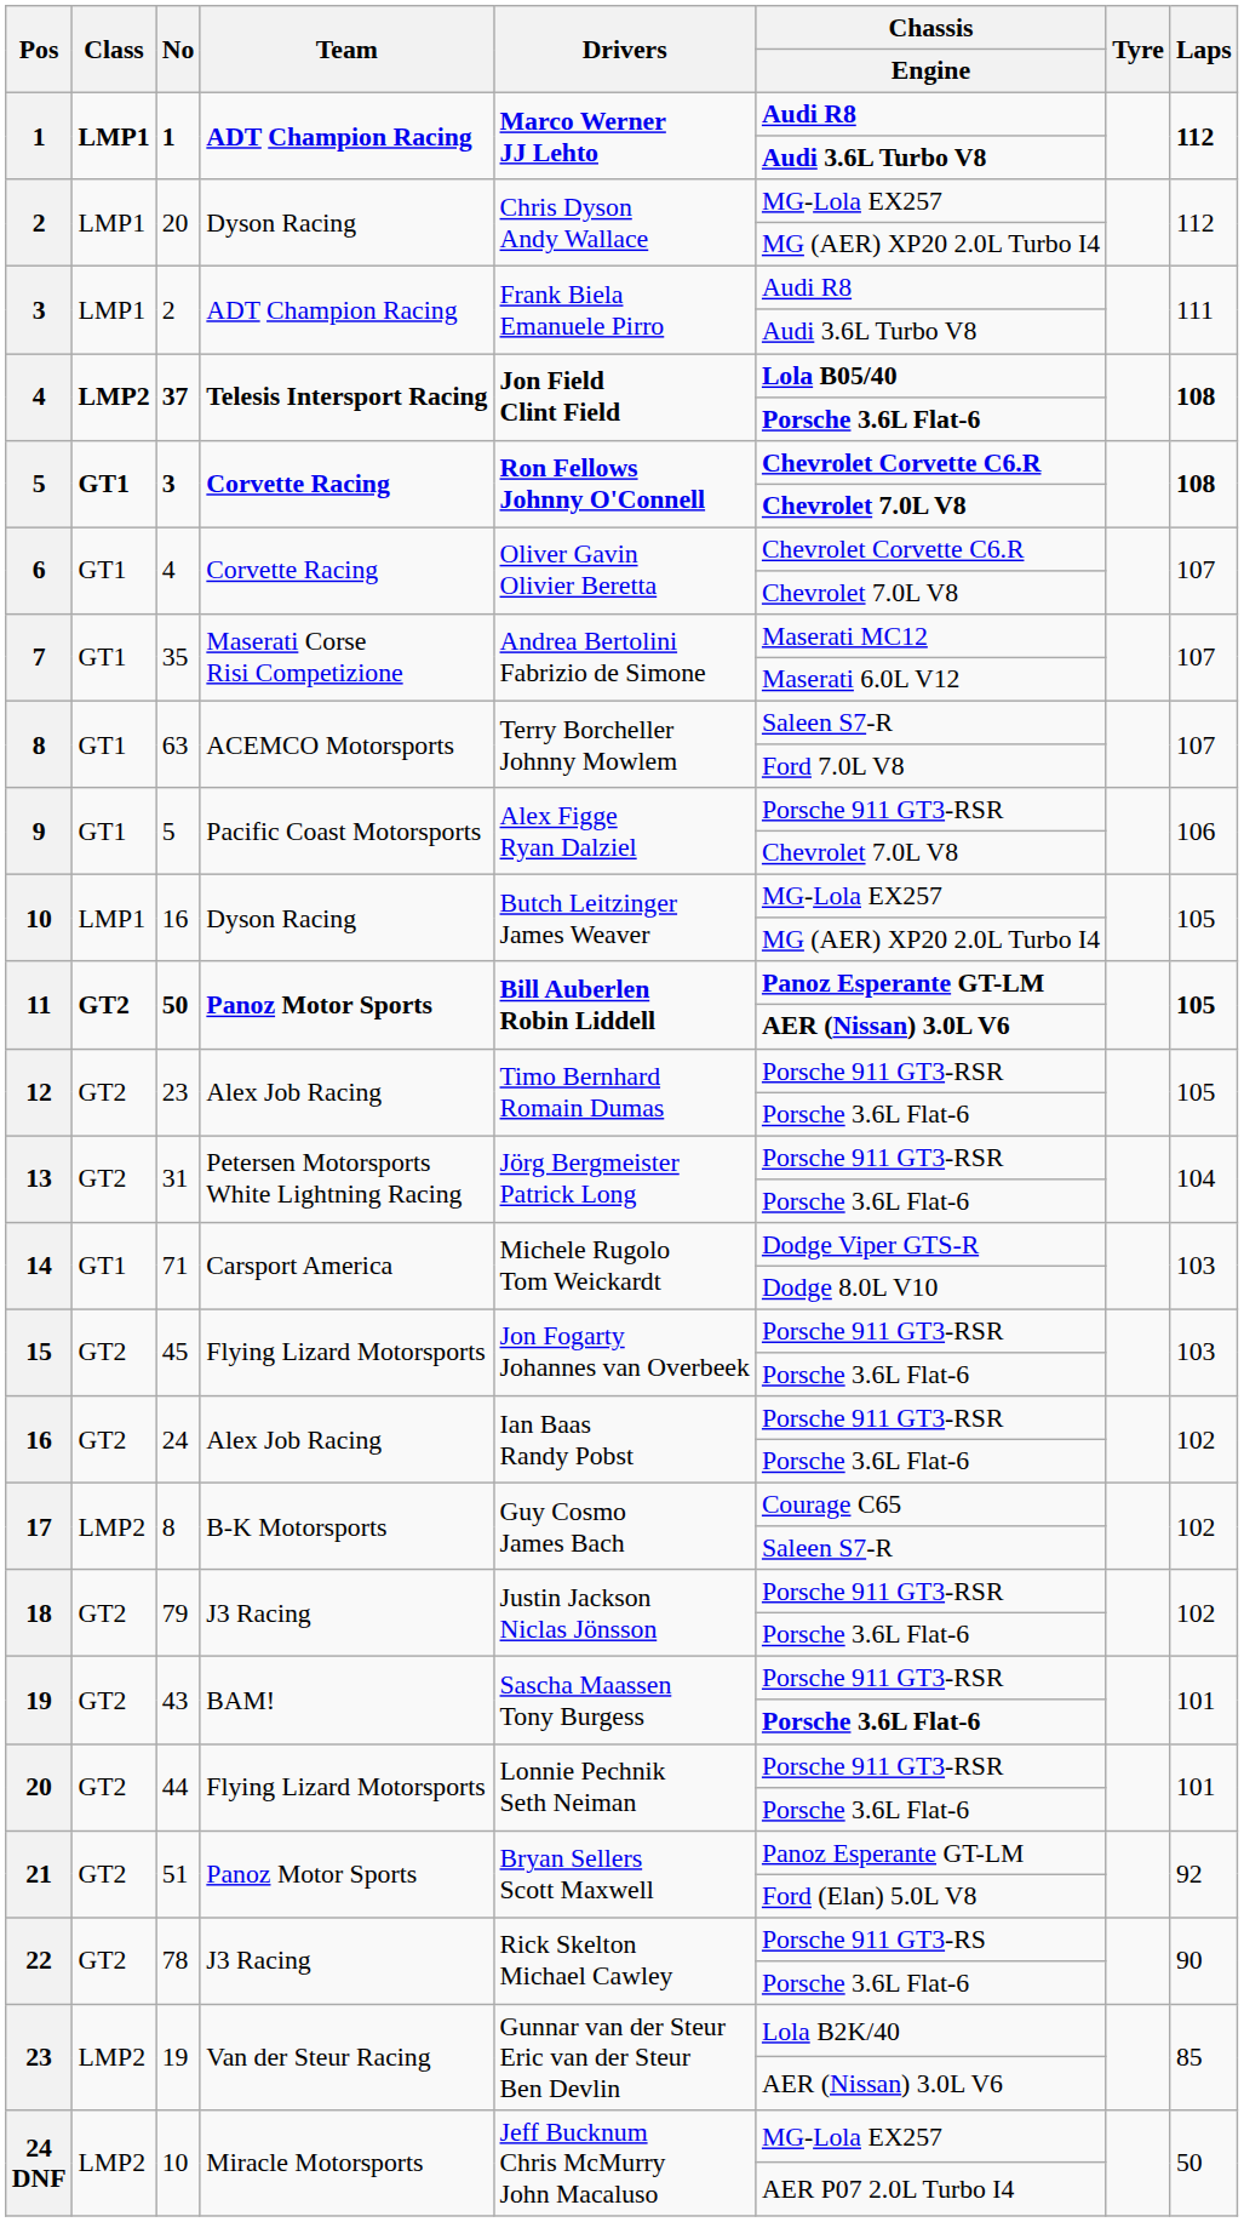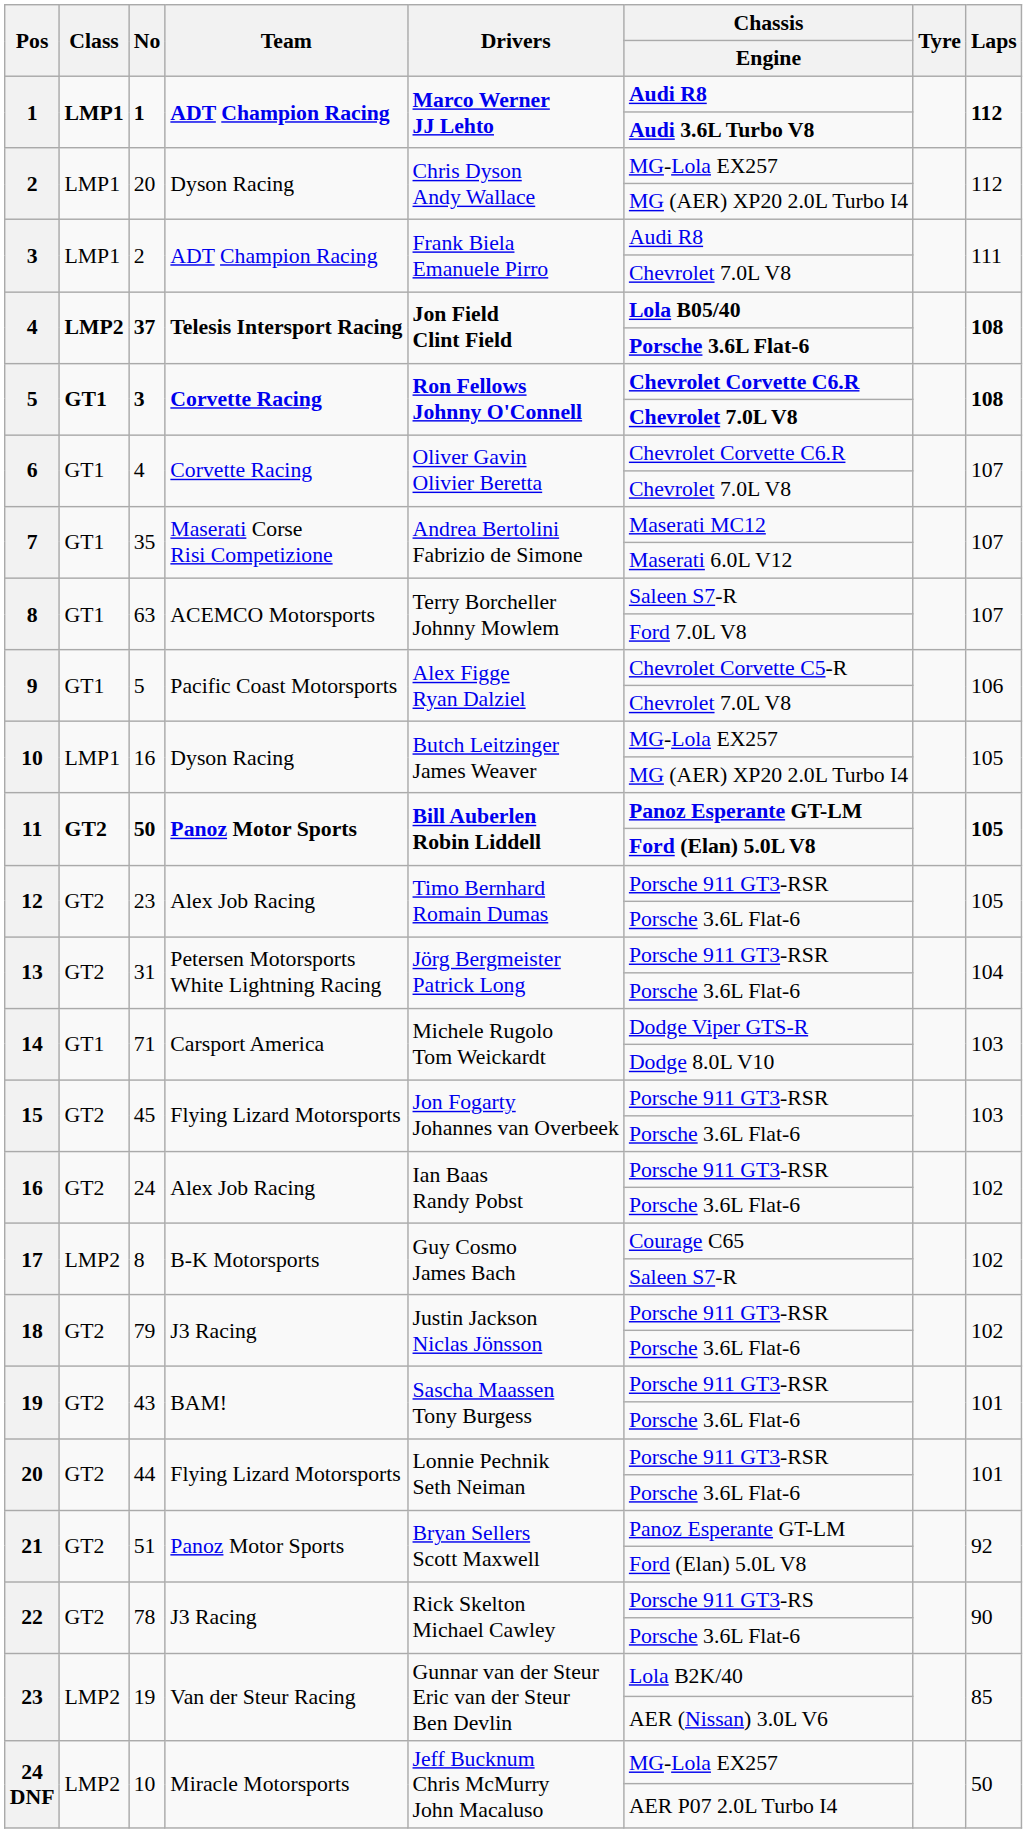 <table class="wikitable" style="font-size: 95%;">
 <tr>
 <th rowspan=2>Pos</th>
 <th rowspan=2>Class</th>
 <th rowspan=2>No</th>
 <th rowspan=2>Team</th>
 <th rowspan=2>Drivers</th>
 <th>Chassis</th>
 <th rowspan=2>Tyre</th>
 <th rowspan=2>Laps</th>
 </tr>
 <tr>
 <th>Engine</th>
 </tr>
 <tr style="font-weight:bold">
 <th rowspan=2>1</th>
 <td rowspan=2>LMP1</td>
 <td rowspan=2>1</td>
 <td rowspan=2> <a href='#'>ADT</a> <a href='#'>Champion Racing</a></td>
 <td rowspan=2> <a href='#'>Marco Werner</a><br> <a href='#'>JJ Lehto</a></td>
 <td><a href='#'>Audi R8</a></td>
 <td rowspan=2></td>
 <td rowspan=2>112</td>
 </tr>
 <tr style="font-weight:bold">
 <td><a href='#'>Audi</a> 3.6L Turbo V8</td>
 </tr>
 <tr>
 <th rowspan=2>2</th>
 <td rowspan=2>LMP1</td>
 <td rowspan=2>20</td>
 <td rowspan=2> Dyson Racing</td>
 <td rowspan=2> <a href='#'>Chris Dyson</a><br> <a href='#'>Andy Wallace</a></td>
 <td><a href='#'>MG</a>-<a href='#'>Lola</a> EX257</td>
 <td rowspan=2></td>
 <td rowspan=2>112</td>
 </tr>
 <tr>
 <td><a href='#'>MG</a> (AER) XP20 2.0L Turbo I4</td>
 </tr>
 <tr>
 <th rowspan=2>3</th>
 <td rowspan=2>LMP1</td>
 <td rowspan=2>2</td>
 <td rowspan=2> <a href='#'>ADT</a> <a href='#'>Champion Racing</a></td>
 <td rowspan=2> <a href='#'>Frank Biela</a><br> <a href='#'>Emanuele Pirro</a></td>
 <td><a href='#'>Audi R8</a></td>
 <td rowspan=2></td>
 <td rowspan=2>111</td>
 </tr>
 <tr>
-<td><a href='#'>Audi</a> 3.6L Turbo V8</td>
+<td><a href='#'>Chevrolet</a> 7.0L V8</td>
 </tr>
 <tr style="font-weight:bold">
 <th rowspan=2>4</th>
 <td rowspan=2>LMP2</td>
 <td rowspan=2>37</td>
 <td rowspan=2> Telesis Intersport Racing</td>
 <td rowspan=2> Jon Field<br> Clint Field</td>
 <td><a href='#'>Lola</a> B05/40</td>
 <td rowspan=2></td>
 <td rowspan=2>108</td>
 </tr>
 <tr style="font-weight:bold">
 <td><a href='#'>Porsche</a> 3.6L Flat-6</td>
 </tr>
 <tr style="font-weight:bold">
 <th rowspan=2>5</th>
 <td rowspan=2>GT1</td>
 <td rowspan=2>3</td>
 <td rowspan=2> <a href='#'>Corvette Racing</a></td>
 <td rowspan=2> <a href='#'>Ron Fellows</a><br> <a href='#'>Johnny O'Connell</a></td>
 <td><a href='#'>Chevrolet Corvette C6.R</a></td>
 <td rowspan=2></td>
 <td rowspan=2>108</td>
 </tr>
 <tr style="font-weight:bold">
 <td><a href='#'>Chevrolet</a> 7.0L V8</td>
 </tr>
 <tr>
 <th rowspan=2>6</th>
 <td rowspan=2>GT1</td>
 <td rowspan=2>4</td>
 <td rowspan=2> <a href='#'>Corvette Racing</a></td>
 <td rowspan=2> <a href='#'>Oliver Gavin</a><br> <a href='#'>Olivier Beretta</a></td>
 <td><a href='#'>Chevrolet Corvette C6.R</a></td>
 <td rowspan=2></td>
 <td rowspan=2>107</td>
 </tr>
 <tr>
 <td><a href='#'>Chevrolet</a> 7.0L V8</td>
 </tr>
 <tr>
 <th rowspan=2>7</th>
 <td rowspan=2>GT1</td>
 <td rowspan=2>35</td>
 <td rowspan=2> <a href='#'>Maserati</a> Corse<br> <a href='#'>Risi Competizione</a></td>
 <td rowspan=2> <a href='#'>Andrea Bertolini</a><br> Fabrizio de Simone</td>
 <td><a href='#'>Maserati MC12</a></td>
 <td rowspan=2></td>
 <td rowspan=2>107</td>
 </tr>
 <tr>
 <td><a href='#'>Maserati</a> 6.0L V12</td>
 </tr>
 <tr>
 <th rowspan=2>8</th>
 <td rowspan=2>GT1</td>
 <td rowspan=2>63</td>
 <td rowspan=2> ACEMCO Motorsports</td>
 <td rowspan=2> Terry Borcheller<br> Johnny Mowlem</td>
 <td><a href='#'>Saleen S7</a>-R</td>
 <td rowspan=2></td>
 <td rowspan=2>107</td>
 </tr>
 <tr>
 <td><a href='#'>Ford</a> 7.0L V8</td>
 </tr>
 <tr>
 <th rowspan=2>9</th>
 <td rowspan=2>GT1</td>
 <td rowspan=2>5</td>
 <td rowspan=2> Pacific Coast Motorsports</td>
 <td rowspan=2> <a href='#'>Alex Figge</a><br> <a href='#'>Ryan Dalziel</a></td>
-<td><a href='#'>Porsche 911 GT3</a>-RSR</td>
+<td><a href='#'>Chevrolet Corvette C5</a>-R</td>
 <td rowspan=2></td>
 <td rowspan=2>106</td>
 </tr>
 <tr>
 <td><a href='#'>Chevrolet</a> 7.0L V8</td>
 </tr>
 <tr>
 <th rowspan=2>10</th>
 <td rowspan=2>LMP1</td>
 <td rowspan=2>16</td>
 <td rowspan=2> Dyson Racing</td>
 <td rowspan=2> <a href='#'>Butch Leitzinger</a><br> James Weaver</td>
 <td><a href='#'>MG</a>-<a href='#'>Lola</a> EX257</td>
 <td rowspan=2></td>
 <td rowspan=2>105</td>
 </tr>
 <tr>
 <td><a href='#'>MG</a> (AER) XP20 2.0L Turbo I4</td>
 </tr>
 <tr style="font-weight:bold">
 <th rowspan=2>11</th>
 <td rowspan=2>GT2</td>
 <td rowspan=2>50</td>
 <td rowspan=2> <a href='#'>Panoz</a> Motor Sports</td>
 <td rowspan=2> <a href='#'>Bill Auberlen</a><br> Robin Liddell</td>
 <td><a href='#'>Panoz Esperante</a> GT-LM</td>
 <td rowspan=2></td>
 <td rowspan=2>105</td>
 </tr>
 <tr style="font-weight:bold">
-<td>AER (<a href='#'>Nissan</a>) 3.0L V6</td>
+<td><a href='#'>Ford</a> (Elan) 5.0L V8</td>
 </tr>
 <tr>
 <th rowspan=2>12</th>
 <td rowspan=2>GT2</td>
 <td rowspan=2>23</td>
 <td rowspan=2> Alex Job Racing</td>
 <td rowspan=2> <a href='#'>Timo Bernhard</a><br> <a href='#'>Romain Dumas</a></td>
 <td><a href='#'>Porsche 911 GT3</a>-RSR</td>
 <td rowspan=2></td>
 <td rowspan=2>105</td>
 </tr>
 <tr>
 <td><a href='#'>Porsche</a> 3.6L Flat-6</td>
 </tr>
 <tr>
 <th rowspan=2>13</th>
 <td rowspan=2>GT2</td>
 <td rowspan=2>31</td>
 <td rowspan=2> Petersen Motorsports<br> White Lightning Racing</td>
 <td rowspan=2> <a href='#'>Jörg Bergmeister</a><br> <a href='#'>Patrick Long</a></td>
 <td><a href='#'>Porsche 911 GT3</a>-RSR</td>
 <td rowspan=2></td>
 <td rowspan=2>104</td>
 </tr>
 <tr>
 <td><a href='#'>Porsche</a> 3.6L Flat-6</td>
 </tr>
 <tr>
 <th rowspan=2>14</th>
 <td rowspan=2>GT1</td>
 <td rowspan=2>71</td>
 <td rowspan=2> Carsport America</td>
 <td rowspan=2> Michele Rugolo<br> Tom Weickardt</td>
 <td><a href='#'>Dodge Viper GTS-R</a></td>
 <td rowspan=2></td>
 <td rowspan=2>103</td>
 </tr>
 <tr>
 <td><a href='#'>Dodge</a> 8.0L V10</td>
 </tr>
 <tr>
 <th rowspan=2>15</th>
 <td rowspan=2>GT2</td>
 <td rowspan=2>45</td>
 <td rowspan=2> Flying Lizard Motorsports</td>
 <td rowspan=2> <a href='#'>Jon Fogarty</a><br> Johannes van Overbeek</td>
 <td><a href='#'>Porsche 911 GT3</a>-RSR</td>
 <td rowspan=2></td>
 <td rowspan=2>103</td>
 </tr>
 <tr>
 <td><a href='#'>Porsche</a> 3.6L Flat-6</td>
 </tr>
 <tr>
 <th rowspan=2>16</th>
 <td rowspan=2>GT2</td>
 <td rowspan=2>24</td>
 <td rowspan=2> Alex Job Racing</td>
 <td rowspan=2> Ian Baas<br> Randy Pobst</td>
 <td><a href='#'>Porsche 911 GT3</a>-RSR</td>
 <td rowspan=2></td>
 <td rowspan=2>102</td>
 </tr>
 <tr>
 <td><a href='#'>Porsche</a> 3.6L Flat-6</td>
 </tr>
 <tr>
 <th rowspan=2>17</th>
 <td rowspan=2>LMP2</td>
 <td rowspan=2>8</td>
 <td rowspan=2> B-K Motorsports</td>
 <td rowspan=2> Guy Cosmo<br> James Bach</td>
 <td><a href='#'>Courage</a> C65</td>
 <td rowspan=2></td>
 <td rowspan=2>102</td>
 </tr>
 <tr>
 <td><a href='#'>Saleen S7</a>-R</td>
 </tr>
 <tr>
 <th rowspan=2>18</th>
 <td rowspan=2>GT2</td>
 <td rowspan=2>79</td>
 <td rowspan=2> J3 Racing</td>
 <td rowspan=2> Justin Jackson<br> <a href='#'>Niclas Jönsson</a></td>
 <td><a href='#'>Porsche 911 GT3</a>-RSR</td>
 <td rowspan=2></td>
 <td rowspan=2>102</td>
 </tr>
 <tr>
 <td><a href='#'>Porsche</a> 3.6L Flat-6</td>
 </tr>
 <tr>
 <th rowspan=2>19</th>
 <td rowspan=2>GT2</td>
 <td rowspan=2>43</td>
 <td rowspan=2> BAM!</td>
 <td rowspan=2> <a href='#'>Sascha Maassen</a><br> Tony Burgess</td>
 <td><a href='#'>Porsche 911 GT3</a>-RSR</td>
 <td rowspan=2></td>
 <td rowspan=2>101</td>
 </tr>
 <tr>
-<td><strong><a href='#'>Porsche</a> 3.6L Flat-6</strong></td>
+<td><a href='#'>Porsche</a> 3.6L Flat-6</td>
 </tr>
 <tr>
 <th rowspan=2>20</th>
 <td rowspan=2>GT2</td>
 <td rowspan=2>44</td>
 <td rowspan=2> Flying Lizard Motorsports</td>
 <td rowspan=2> Lonnie Pechnik<br> Seth Neiman</td>
 <td><a href='#'>Porsche 911 GT3</a>-RSR</td>
 <td rowspan=2></td>
 <td rowspan=2>101</td>
 </tr>
 <tr>
 <td><a href='#'>Porsche</a> 3.6L Flat-6</td>
 </tr>
 <tr>
 <th rowspan=2>21</th>
 <td rowspan=2>GT2</td>
 <td rowspan=2>51</td>
 <td rowspan=2> <a href='#'>Panoz</a> Motor Sports</td>
 <td rowspan=2> <a href='#'>Bryan Sellers</a><br> Scott Maxwell</td>
 <td><a href='#'>Panoz Esperante</a> GT-LM</td>
 <td rowspan=2></td>
 <td rowspan=2>92</td>
 </tr>
 <tr>
 <td><a href='#'>Ford</a> (Elan) 5.0L V8</td>
 </tr>
 <tr>
 <th rowspan=2>22</th>
 <td rowspan=2>GT2</td>
 <td rowspan=2>78</td>
 <td rowspan=2> J3 Racing</td>
 <td rowspan=2> Rick Skelton<br> Michael Cawley</td>
 <td><a href='#'>Porsche 911 GT3</a>-RS</td>
 <td rowspan=2></td>
 <td rowspan=2>90</td>
 </tr>
 <tr>
 <td><a href='#'>Porsche</a> 3.6L Flat-6</td>
 </tr>
 <tr>
 <th rowspan=2>23</th>
 <td rowspan=2>LMP2</td>
 <td rowspan=2>19</td>
 <td rowspan=2> Van der Steur Racing</td>
 <td rowspan=2> Gunnar van der Steur<br> Eric van der Steur<br> Ben Devlin</td>
 <td><a href='#'>Lola</a> B2K/40</td>
 <td rowspan=2></td>
 <td rowspan=2>85</td>
 </tr>
 <tr>
 <td>AER (<a href='#'>Nissan</a>) 3.0L V6</td>
 </tr>
 <tr>
 <th rowspan=2>24<br>DNF</th>
 <td rowspan=2>LMP2</td>
 <td rowspan=2>10</td>
 <td rowspan=2> Miracle Motorsports</td>
 <td rowspan=2> <a href='#'>Jeff Bucknum</a><br> Chris McMurry<br> John Macaluso</td>
 <td><a href='#'>MG</a>-<a href='#'>Lola</a> EX257</td>
 <td rowspan=2></td>
 <td rowspan=2>50</td>
 </tr>
 <tr>
 <td>AER P07 2.0L Turbo I4</td>
 </tr>
 </table>
